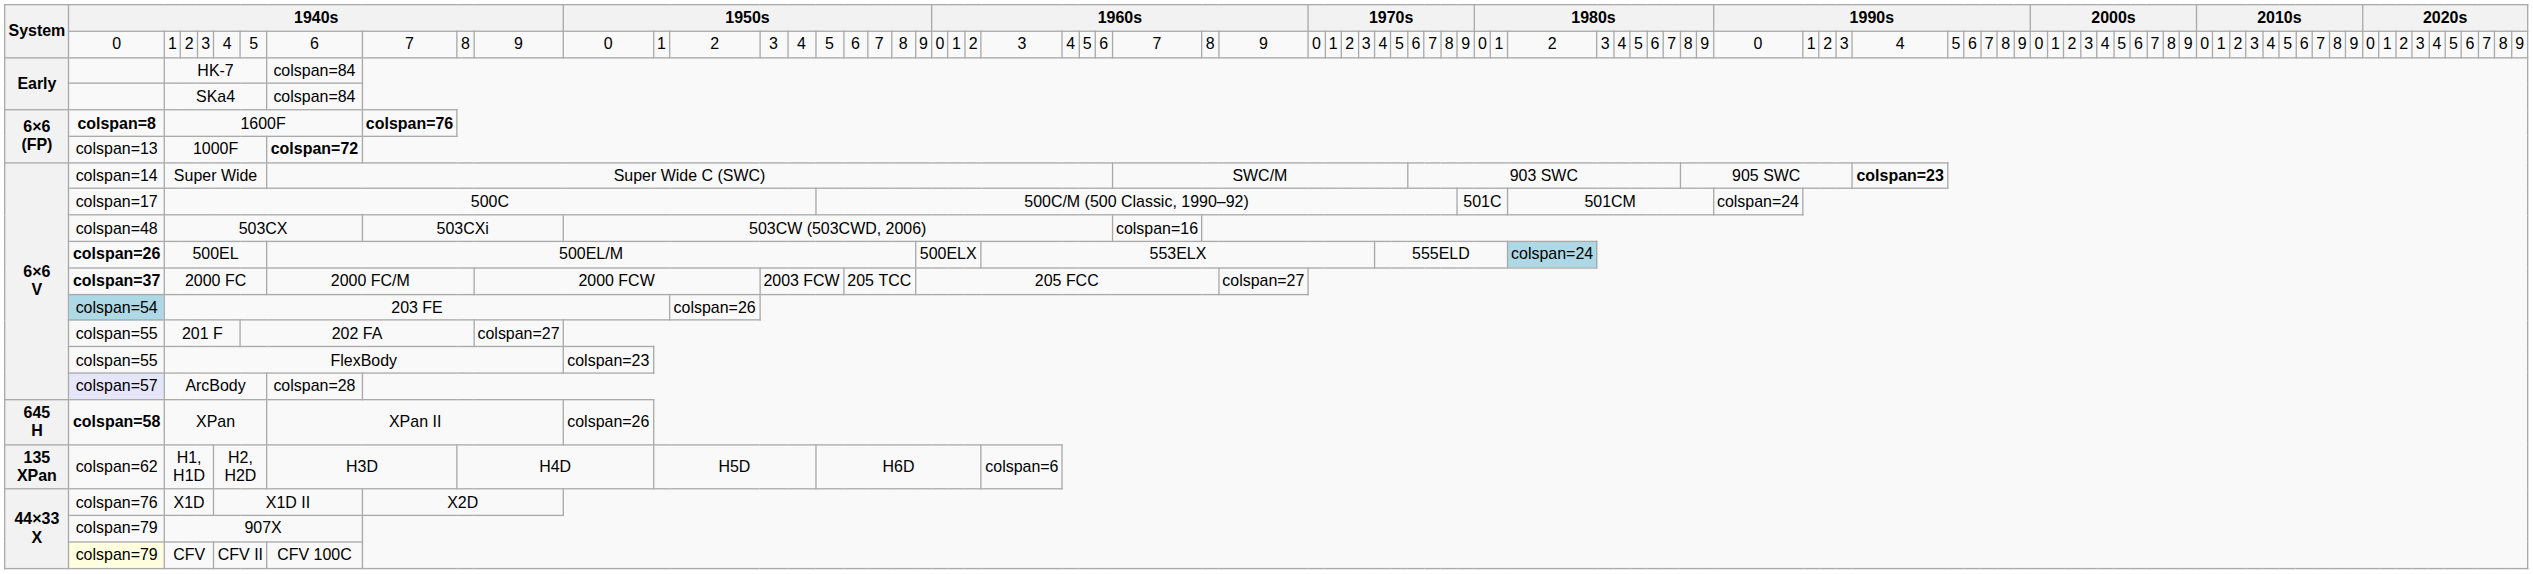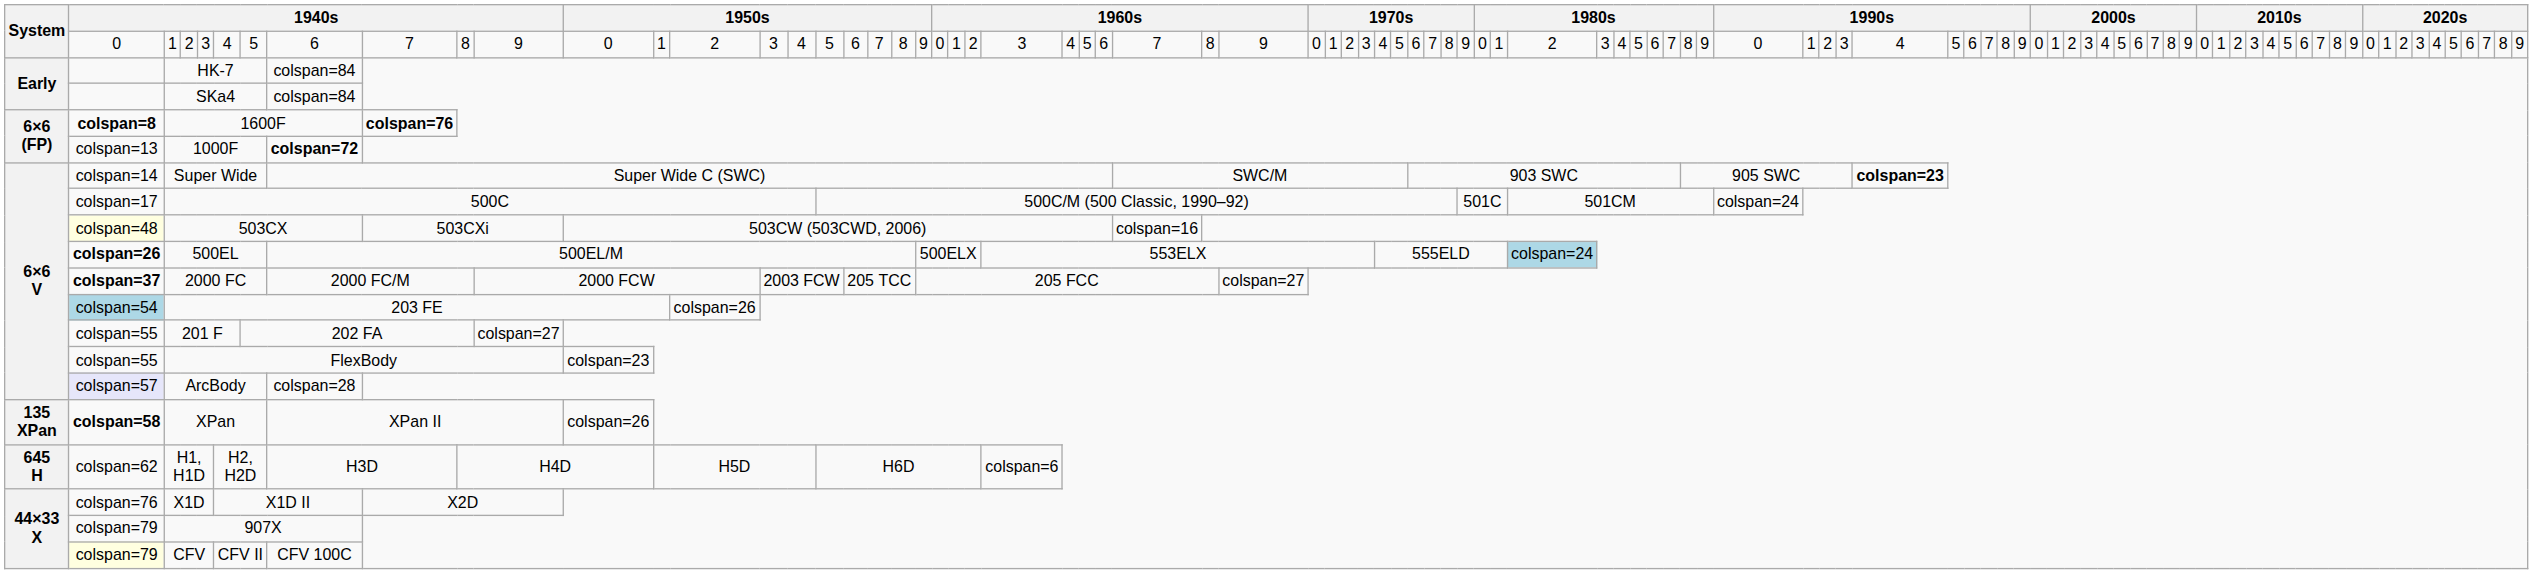 <table class="wikitable" style="font-size:75%;text-align:center;">
 <tr>
 <th rowspan=2>System</th>
 <th colspan=10>1940s</th>
 <th colspan=10>1950s</th>
 <th colspan=10>1960s</th>
 <th colspan=10>1970s</th>
 <th colspan=10>1980s</th>
 <th colspan=10>1990s</th>
 <th colspan=10>2000s</th>
 <th colspan=10>2010s</th>
 <th colspan=10>2020s</th>
 </tr>
 <tr>
 <td>0</td>
 <td>1</td>
 <td>2</td>
 <td>3</td>
 <td>4</td>
 <td>5</td>
 <td>6</td>
 <td>7</td>
 <td>8</td>
 <td>9</td>
 <td>0</td>
 <td>1</td>
 <td>2</td>
 <td>3</td>
 <td>4</td>
 <td>5</td>
 <td>6</td>
 <td>7</td>
 <td>8</td>
 <td>9</td>
 <td>0</td>
 <td>1</td>
 <td>2</td>
 <td>3</td>
 <td>4</td>
 <td>5</td>
 <td>6</td>
 <td>7</td>
 <td>8</td>
 <td>9</td>
 <td>0</td>
 <td>1</td>
 <td>2</td>
 <td>3</td>
 <td>4</td>
 <td>5</td>
 <td>6</td>
 <td>7</td>
 <td>8</td>
 <td>9</td>
 <td>0</td>
 <td>1</td>
 <td>2</td>
 <td>3</td>
 <td>4</td>
 <td>5</td>
 <td>6</td>
 <td>7</td>
 <td>8</td>
 <td>9</td>
 <td>0</td>
 <td>1</td>
 <td>2</td>
 <td>3</td>
 <td>4</td>
 <td>5</td>
 <td>6</td>
 <td>7</td>
 <td>8</td>
 <td>9</td>
 <td>0</td>
 <td>1</td>
 <td>2</td>
 <td>3</td>
 <td>4</td>
 <td>5</td>
 <td>6</td>
 <td>7</td>
 <td>8</td>
 <td>9</td>
 <td>0</td>
 <td>1</td>
 <td>2</td>
 <td>3</td>
 <td>4</td>
 <td>5</td>
 <td>6</td>
 <td>7</td>
 <td>8</td>
 <td>9</td>
 <td>0</td>
 <td>1</td>
 <td>2</td>
 <td>3</td>
 <td>4</td>
 <td>5</td>
 <td>6</td>
 <td>7</td>
 <td>8</td>
 <td>9</td>
 </tr>
 <tr>
 <th rowspan=2>Early</th>
 <td></td>
 <td colspan=5>HK-7</td>
 <td>colspan=84 </td>
 </tr>
 <tr>
 <td></td>
 <td colspan=5>SKa4</td>
 <td>colspan=84 </td>
 </tr>
 <tr>
 <th rowspan=2>6×6<br>(FP)</th>
 <td><strong>colspan=8 </strong></td>
 <td colspan=6>1600F</td>
 <td><strong>colspan=76 </strong></td>
 </tr>
 <tr>
 <td>colspan=13 </td>
 <td colspan=5>1000F</td>
 <td><strong>colspan=72 </strong></td>
 </tr>
 <tr>
 <th rowspan=9>6×6<br>V</th>
 <td>colspan=14 </td>
 <td colspan=5>Super Wide</td>
 <td colspan=21>Super Wide C (SWC)</td>
 <td colspan=9>SWC/M</td>
 <td colspan=12>903 SWC</td>
 <td colspan=6>905 SWC</td>
 <td><strong>colspan=23 </strong></td>
 </tr>
 <tr>
 <td>colspan=17 </td>
 <td colspan=14>500C</td>
 <td colspan=24>500C/M (500 Classic, 1990–92)</td>
 <td colspan=3>501C</td>
 <td colspan=8>501CM</td>
 <td>colspan=24 </td>
 </tr>
 <tr>
-<td>colspan=48 </td>
+<td style="background: lightyellow;">colspan=48 </td>
 <td colspan=6>503CX</td>
 <td colspan=3>503CXi</td>
 <td colspan=17>503CW (503CWD, 2006)</td>
 <td>colspan=16 </td>
 </tr>
 <tr>
 <td><strong>colspan=26 </strong></td>
 <td colspan=5>500EL</td>
 <td colspan=13>500EL/M</td>
 <td colspan=4>500ELX</td>
 <td colspan=11>553ELX</td>
 <td colspan=8>555ELD</td>
 <td style="background: lightblue;">colspan=24 </td>
 </tr>
 <tr>
 <td><strong>colspan=37 </strong></td>
 <td colspan=5>2000 FC</td>
 <td colspan=3>2000 FC/M</td>
 <td colspan=4>2000 FCW</td>
 <td colspan=3>2003 FCW</td>
 <td colspan=3>205 TCC</td>
 <td colspan=10>205 FCC</td>
 <td>colspan=27 </td>
 </tr>
 <tr>
 <td style="background: lightblue;">colspan=54 </td>
 <td colspan=11>203 FE</td>
 <td>colspan=26 </td>
 </tr>
 <tr>
 <td>colspan=55 </td>
 <td colspan=4>201 F</td>
 <td colspan=4>202 FA</td>
 <td>colspan=27 </td>
 </tr>
 <tr>
 <td>colspan=55 </td>
 <td colspan=9>FlexBody</td>
 <td>colspan=23 </td>
 </tr>
 <tr>
 <td style="background: lavender;">colspan=57 </td>
 <td colspan=5>ArcBody</td>
 <td>colspan=28 </td>
 </tr>
 <tr>
-<th rowspan=1>645<br>H</th>
+<th rowspan=1>135<br>XPan</th>
 <td><strong>colspan=58 </strong></td>
 <td colspan=5>XPan</td>
 <td colspan=4>XPan II</td>
 <td>colspan=26 </td>
 </tr>
 <tr>
-<th rowspan=1>135<br>XPan</th>
+<th rowspan=1>645<br>H</th>
 <td>colspan=62 </td>
 <td colspan=3>H1, H1D</td>
 <td colspan=2>H2, H2D</td>
 <td colspan=2>H3D</td>
 <td colspan=3>H4D</td>
 <td colspan=4>H5D</td>
 <td colspan=8>H6D</td>
 <td>colspan=6 </td>
 </tr>
 <tr>
 <th rowspan=3>44×33<br>X</th>
 <td>colspan=76 </td>
 <td colspan=3>X1D</td>
 <td colspan=3>X1D II</td>
 <td colspan=3>X2D</td>
 </tr>
 <tr>
 <td>colspan=79 </td>
 <td colspan=6>907X</td>
 </tr>
 <tr>
 <td style="background: lightyellow;">colspan=79 </td>
 <td colspan=3>CFV</td>
 <td colspan=2>CFV II</td>
 <td colspan=1>CFV 100C</td>
 </tr>
 </table>
